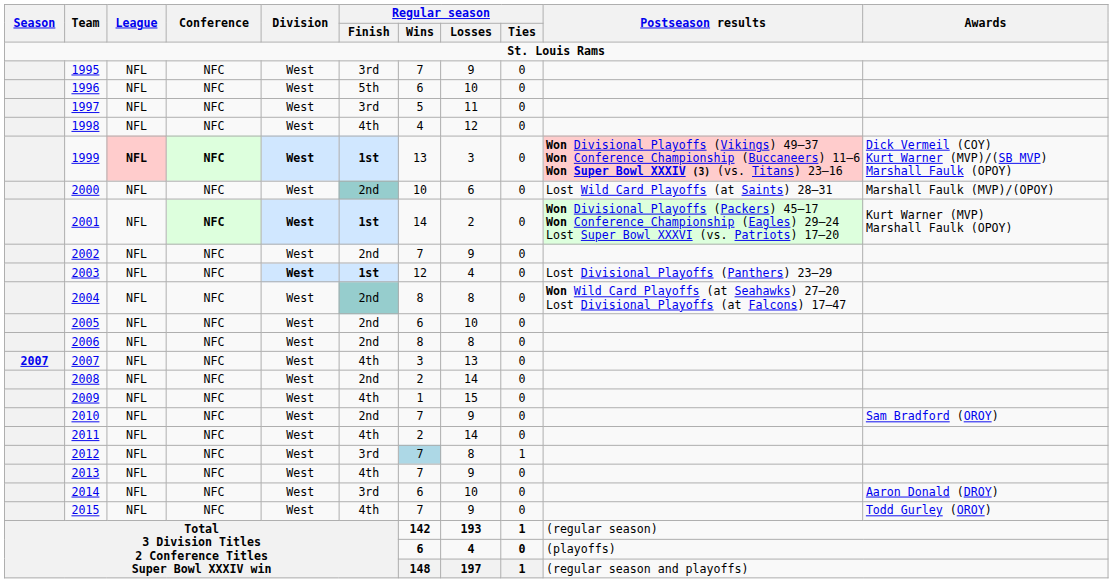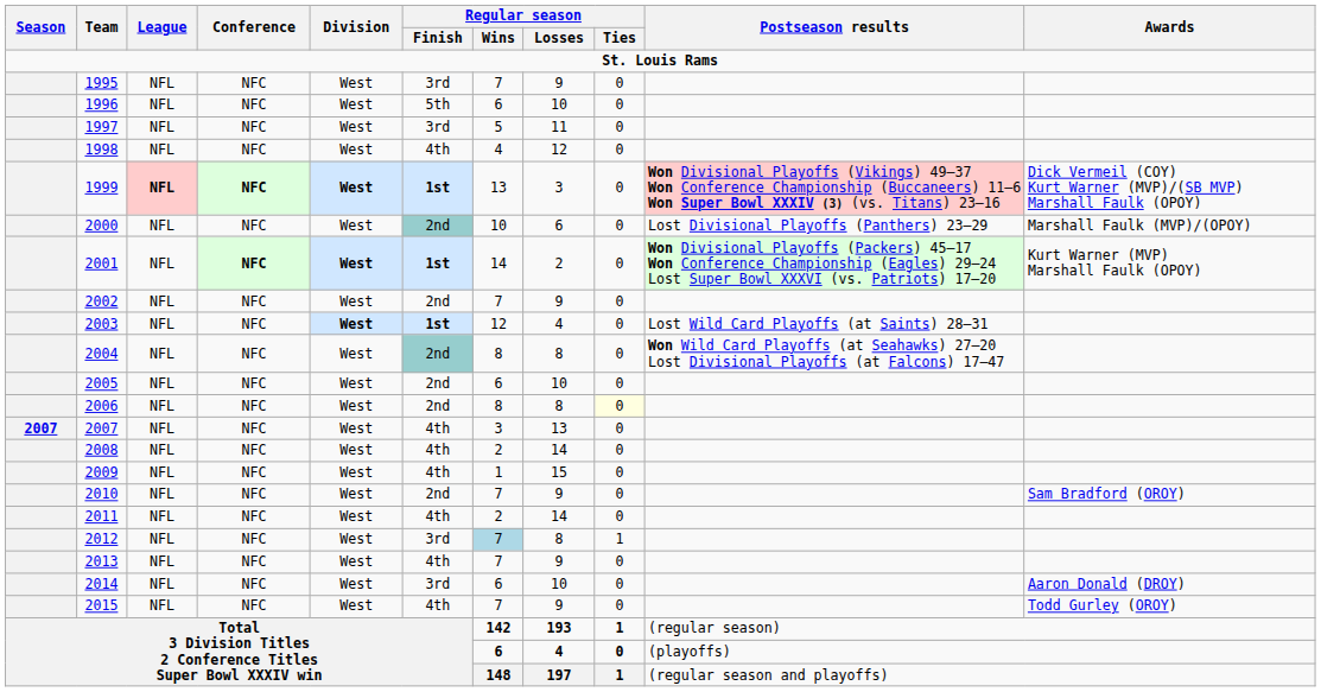 <table class="wikitable" style="font-size: 95%">
 <tr>
 <th rowspan="2"><a href='#'>Season</a></th>
 <th rowspan="2">Team</th>
 <th rowspan="2"><a href='#'>League</a></th>
 <th rowspan="2">Conference</th>
 <th rowspan="2">Division</th>
 <th colspan="4"><a href='#'>Regular season</a></th>
 <th rowspan="2" style="width:29%;"><a href='#'>Postseason</a> results</th>
 <th rowspan="2">Awards</th>
 </tr>
 <tr>
 <th>Finish</th>
 <th>Wins</th>
 <th>Losses</th>
 <th>Ties</th>
 </tr>
 <tr>
 <td align="center" colspan="12"><strong>St. Louis Rams</strong></td>
 </tr>
 <tr>
 <th align="center"></th>
 <td align="center"><a href='#'>1995</a></td>
 <td align="center">NFL</td>
 <td align="center">NFC</td>
 <td align="center">West</td>
 <td align="center">3rd</td>
 <td align="center">7</td>
 <td align="center">9</td>
 <td align="center">0</td>
 <td></td>
 <td></td>
 </tr>
 <tr>
 <th align="center"></th>
 <td align="center"><a href='#'>1996</a></td>
 <td align="center">NFL</td>
 <td align="center">NFC</td>
 <td align="center">West</td>
 <td align="center">5th</td>
 <td align="center">6</td>
 <td align="center">10</td>
 <td align="center">0</td>
 <td></td>
 <td></td>
 </tr>
 <tr>
 <th align="center"></th>
 <td align="center"><a href='#'>1997</a></td>
 <td align="center">NFL</td>
 <td align="center">NFC</td>
 <td align="center">West</td>
 <td align="center">3rd</td>
 <td align="center">5</td>
 <td align="center">11</td>
 <td align="center">0</td>
 <td></td>
 <td></td>
 </tr>
 <tr>
 <th align="center"></th>
 <td align="center"><a href='#'>1998</a></td>
 <td align="center">NFL</td>
 <td align="center">NFC</td>
 <td align="center">West</td>
 <td align="center">4th</td>
 <td align="center">4</td>
 <td align="center">12</td>
 <td align="center">0</td>
 <td></td>
 <td></td>
 </tr>
 <tr>
 <th align="center"></th>
 <td align="center"><a href='#'>1999</a></td>
 <td align="center" style="background: #FFCCCC;"><strong>NFL</strong></td>
 <td align="center" style="background: #ddffdd;"><strong>NFC</strong></td>
 <td align="center" style="background: #D0E7FF;"><strong>West</strong></td>
 <td align="center" style="background: #D0E7FF;"><strong>1st</strong></td>
 <td align="center">13</td>
 <td align="center">3</td>
 <td align="center">0</td>
 <td style="background: #FFCCCC;"><strong>Won</strong> <a href='#'>Divisional Playoffs</a> (<a href='#'>Vikings</a>) 49–37<br><strong>Won</strong> <a href='#'>Conference Championship</a> (<a href='#'>Buccaneers</a>) 11–6<br><strong>Won <a href='#'>Super Bowl XXXIV</a> <small>(3)</small></strong> (vs. <a href='#'>Titans</a>) 23–16</td>
 <td><a href='#'>Dick Vermeil</a> (COY)<br><a href='#'>Kurt Warner</a> (MVP)/(<a href='#'>SB MVP</a>)<br><a href='#'>Marshall Faulk</a> (OPOY)</td>
 </tr>
 <tr>
 <th align="center"></th>
 <td align="center"><a href='#'>2000</a></td>
 <td align="center">NFL</td>
 <td align="center">NFC</td>
 <td align="center">West</td>
 <td align="center" bgcolor="#96CDCD">2nd</td>
 <td align="center">10</td>
 <td align="center">6</td>
 <td align="center">0</td>
-<td>Lost <a href='#'>Wild Card Playoffs</a> (at <a href='#'>Saints</a>) 28–31</td>
+<td>Lost <a href='#'>Divisional Playoffs</a> (<a href='#'>Panthers</a>) 23–29 </td>
 <td>Marshall Faulk (MVP)/(OPOY)</td>
 </tr>
 <tr>
 <th align="center"></th>
 <td align="center"><a href='#'>2001</a></td>
 <td align="center">NFL</td>
 <td align="center" style="background: #ddffdd;"><strong>NFC</strong></td>
 <td align="center" style="background: #D0E7FF;"><strong>West</strong></td>
 <td align="center" style="background: #D0E7FF;"><strong>1st</strong></td>
 <td align="center">14</td>
 <td align="center">2</td>
 <td align="center">0</td>
 <td bgcolor="#ddffdd"><strong>Won</strong> <a href='#'>Divisional Playoffs</a> (<a href='#'>Packers</a>) 45–17<br><strong>Won</strong> <a href='#'>Conference Championship</a> (<a href='#'>Eagles</a>) 29–24<br>Lost <a href='#'>Super Bowl XXXVI</a> (vs. <a href='#'>Patriots</a>) 17–20</td>
 <td>Kurt Warner (MVP)<br>Marshall Faulk (OPOY)</td>
 </tr>
 <tr>
 <th align="center"></th>
 <td align="center"><a href='#'>2002</a></td>
 <td align="center">NFL</td>
 <td align="center">NFC</td>
 <td align="center">West</td>
 <td align="center">2nd</td>
 <td align="center">7</td>
 <td align="center">9</td>
 <td align="center">0</td>
 <td></td>
 <td></td>
 </tr>
 <tr>
 <th align="center"></th>
 <td align="center"><a href='#'>2003</a></td>
 <td align="center">NFL</td>
 <td align="center">NFC</td>
 <td align="center" style="background: #D0E7FF;"><strong>West</strong></td>
 <td align="center" style="background: #D0E7FF;"><strong>1st</strong></td>
 <td align="center">12</td>
 <td align="center">4</td>
 <td align="center">0</td>
-<td>Lost <a href='#'>Divisional Playoffs</a> (<a href='#'>Panthers</a>) 23–29 </td>
+<td>Lost <a href='#'>Wild Card Playoffs</a> (at <a href='#'>Saints</a>) 28–31</td>
 <td></td>
 </tr>
 <tr>
 <th align="center"></th>
 <td align="center"><a href='#'>2004</a></td>
 <td align="center">NFL</td>
 <td align="center">NFC</td>
 <td align="center">West</td>
 <td align="center" bgcolor="#96CDCD">2nd</td>
 <td align="center">8</td>
 <td align="center">8</td>
 <td align="center">0</td>
 <td><strong>Won</strong> <a href='#'>Wild Card Playoffs</a> (at <a href='#'>Seahawks</a>) 27–20<br>Lost <a href='#'>Divisional Playoffs</a> (at <a href='#'>Falcons</a>) 17–47</td>
 <td></td>
 </tr>
 <tr>
 <th align="center"></th>
 <td align="center"><a href='#'>2005</a></td>
 <td align="center">NFL</td>
 <td align="center">NFC</td>
 <td align="center">West</td>
 <td align="center">2nd</td>
 <td align="center">6</td>
 <td align="center">10</td>
 <td align="center">0</td>
 <td></td>
 <td></td>
 </tr>
 <tr>
 <th align="center"></th>
 <td align="center"><a href='#'>2006</a></td>
 <td align="center">NFL</td>
 <td align="center">NFC</td>
 <td align="center">West</td>
 <td align="center">2nd</td>
 <td align="center">8</td>
 <td align="center">8</td>
-<td align="center">0</td>
+<td align="center" style="background: lightyellow;">0</td>
 <td></td>
 <td></td>
 </tr>
 <tr>
 <th align="center"><a href='#'>2007</a></th>
 <td align="center"><a href='#'>2007</a></td>
 <td align="center">NFL</td>
 <td align="center">NFC</td>
 <td align="center">West</td>
 <td align="center">4th</td>
 <td align="center">3</td>
 <td align="center">13</td>
 <td align="center">0</td>
 <td></td>
 <td></td>
 </tr>
 <tr>
 <th align="center"></th>
 <td align="center"><a href='#'>2008</a></td>
 <td align="center">NFL</td>
 <td align="center">NFC</td>
 <td align="center">West</td>
-<td align="center">2nd</td>
+<td align="center">4th</td>
 <td align="center">2</td>
 <td align="center">14</td>
 <td align="center">0</td>
 <td></td>
 <td></td>
 </tr>
 <tr>
 <th align="center"></th>
 <td align="center"><a href='#'>2009</a></td>
 <td align="center">NFL</td>
 <td align="center">NFC</td>
 <td align="center">West</td>
 <td align="center">4th</td>
 <td align="center">1</td>
 <td align="center">15</td>
 <td align="center">0</td>
 <td></td>
 <td></td>
 </tr>
 <tr>
 <th align="center"></th>
 <td align="center"><a href='#'>2010</a></td>
 <td align="center">NFL</td>
 <td align="center">NFC</td>
 <td align="center">West</td>
 <td align="center">2nd</td>
 <td align="center">7</td>
 <td align="center">9</td>
 <td align="center">0</td>
 <td></td>
 <td><a href='#'>Sam Bradford</a> (<a href='#'>OROY</a>)</td>
 </tr>
 <tr>
 <th align="center"></th>
 <td align="center"><a href='#'>2011</a></td>
 <td align="center">NFL</td>
 <td align="center">NFC</td>
 <td align="center">West</td>
 <td align="center">4th</td>
 <td align="center">2</td>
 <td align="center">14</td>
 <td align="center">0</td>
 <td></td>
 <td></td>
 </tr>
 <tr>
 <th align="center"></th>
 <td align="center"><a href='#'>2012</a></td>
 <td align="center">NFL</td>
 <td align="center">NFC</td>
 <td align="center">West</td>
 <td align="center">3rd</td>
 <td align="center" style="background: lightblue;">7</td>
 <td align="center">8</td>
 <td align="center">1</td>
 <td></td>
 <td></td>
 </tr>
 <tr>
 <th align="center"></th>
 <td align="center"><a href='#'>2013</a></td>
 <td align="center">NFL</td>
 <td align="center">NFC</td>
 <td align="center">West</td>
 <td align="center">4th</td>
 <td align="center">7</td>
 <td align="center">9</td>
 <td align="center">0</td>
 <td></td>
 <td></td>
 </tr>
 <tr>
 <th align="center"></th>
 <td align="center"><a href='#'>2014</a></td>
 <td align="center">NFL</td>
 <td align="center">NFC</td>
 <td align="center">West</td>
 <td align="center">3rd</td>
 <td align="center">6</td>
 <td align="center">10</td>
 <td align="center">0</td>
 <td></td>
 <td><a href='#'>Aaron Donald</a> (<a href='#'>DROY</a>)</td>
 </tr>
 <tr>
 <th align="center"></th>
 <td align="center"><a href='#'>2015</a></td>
 <td align="center">NFL</td>
 <td align="center">NFC</td>
 <td align="center">West</td>
 <td align="center">4th</td>
 <td align="center">7</td>
 <td align="center">9</td>
 <td align="center">0</td>
 <td></td>
 <td><a href='#'>Todd Gurley</a> (<a href='#'>OROY</a>)</td>
 </tr>
 <tr>
 <th align="center" rowspan="3" colspan="6">Total<br>3 Division Titles<br>2 Conference Titles<br>Super Bowl XXXIV win</th>
 <td align="center"><strong>142</strong></td>
 <td align="center"><strong>193</strong></td>
 <td align="center"><strong>1</strong></td>
 <td colspan="2">(regular season)</td>
 </tr>
 <tr>
 <td align="center"><strong>6</strong></td>
 <td align="center"><strong>4</strong></td>
 <td align="center"><strong>0</strong></td>
 <td colspan="2">(playoffs)</td>
 </tr>
 <tr>
 <th align="center"><strong>148</strong></th>
 <th align="center"><strong>197</strong></th>
 <th align="center"><strong>1</strong></th>
 <td colspan="2">(regular season and playoffs)</td>
 </tr>
 </table>
